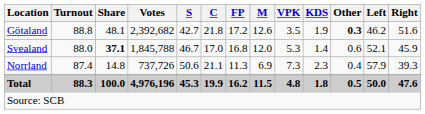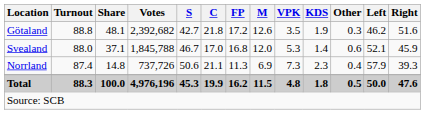 <table class="wikitable sortable" style=text-align:right>
 <tr>
 <th>Location</th>
 <th>Turnout</th>
 <th>Share</th>
 <th>Votes</th>
 <th><a href='#'>S</a></th>
 <th><a href='#'>C</a></th>
 <th><a href='#'>FP</a></th>
 <th><a href='#'>M</a></th>
 <th><a href='#'>VPK</a></th>
 <th><a href='#'>KDS</a></th>
 <th>Other</th>
 <th>Left</th>
 <th>Right</th>
 </tr>
 <tr>
 <td align=left><a href='#'>Götaland</a></td>
 <td>88.8</td>
 <td>48.1</td>
 <td>2,392,682</td>
 <td>42.7</td>
 <td>21.8</td>
 <td>17.2</td>
 <td>12.6</td>
 <td>3.5</td>
 <td>1.9</td>
-<td><strong>0.3</strong></td>
+<td>0.3</td>
 <td>46.2</td>
 <td>51.6</td>
 </tr>
 <tr>
 <td align=left><a href='#'>Svealand</a></td>
 <td>88.0</td>
-<td><strong>37.1</strong></td>
+<td>37.1</td>
 <td>1,845,788</td>
 <td>46.7</td>
 <td>17.0</td>
 <td>16.8</td>
 <td>12.0</td>
 <td>5.3</td>
 <td>1.4</td>
 <td>0.6</td>
 <td>52.1</td>
 <td>45.9</td>
 </tr>
 <tr>
 <td align=left><a href='#'>Norrland</a></td>
 <td>87.4</td>
 <td>14.8</td>
 <td>737,726</td>
 <td>50.6</td>
 <td>21.1</td>
 <td>11.3</td>
 <td>6.9</td>
 <td>7.3</td>
 <td>2.3</td>
 <td>0.4</td>
 <td>57.9</td>
 <td>39.3</td>
 </tr>
 <tr>
 </tr>
 <tr style="background:#CDCDCD;">
 <td align=left><strong>Total</strong></td>
 <td><strong>88.3</strong></td>
 <td><strong>100.0</strong></td>
 <td><strong>4,976,196</strong></td>
 <td><strong>45.3</strong></td>
 <td><strong>19.9</strong></td>
 <td><strong>16.2</strong></td>
 <td><strong>11.5</strong></td>
 <td><strong>4.8</strong></td>
 <td><strong>1.8</strong></td>
 <td><strong>0.5</strong></td>
 <td><strong>50.0</strong></td>
 <td><strong>47.6</strong></td>
 </tr>
 <tr>
 <td align=left colspan=13>Source: SCB </td>
 </tr>
 </table>
